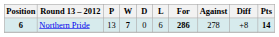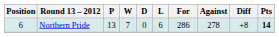 <table class="wikitable" style="text-align:center; font-size:85%;">
 <tr>
 <th width=40 abbr="Position">Position</th>
 <th width=100>Round 13 – 2012</th>
 <th width=20 abbr="Played">P</th>
 <th width=20 abbr="Won">W</th>
 <th width=20 abbr="Drawn">D</th>
 <th width=20 abbr="Lost">L</th>
 <th width=40 abbr="Points for">For</th>
 <th width=40 abbr="Points against">Against</th>
 <th width=40 abbr="Points difference">Diff</th>
 <th width=20 abbr="Points">Pts</th>
 </tr>
 <tr style="background: #d7ebed;">
-<td><strong>6</strong></td>
+<td>6</td>
 <td style="text-align:left;"> <a href='#'>Northern Pride</a></td>
 <td>13</td>
-<td><strong>7</strong></td>
+<td>7</td>
 <td>0</td>
 <td>6</td>
-<td><strong>286</strong></td>
+<td>286</td>
 <td>278</td>
 <td>+8</td>
 <td><strong>14</strong></td>
 </tr>
 <tr>
 </tr>
 </table>
